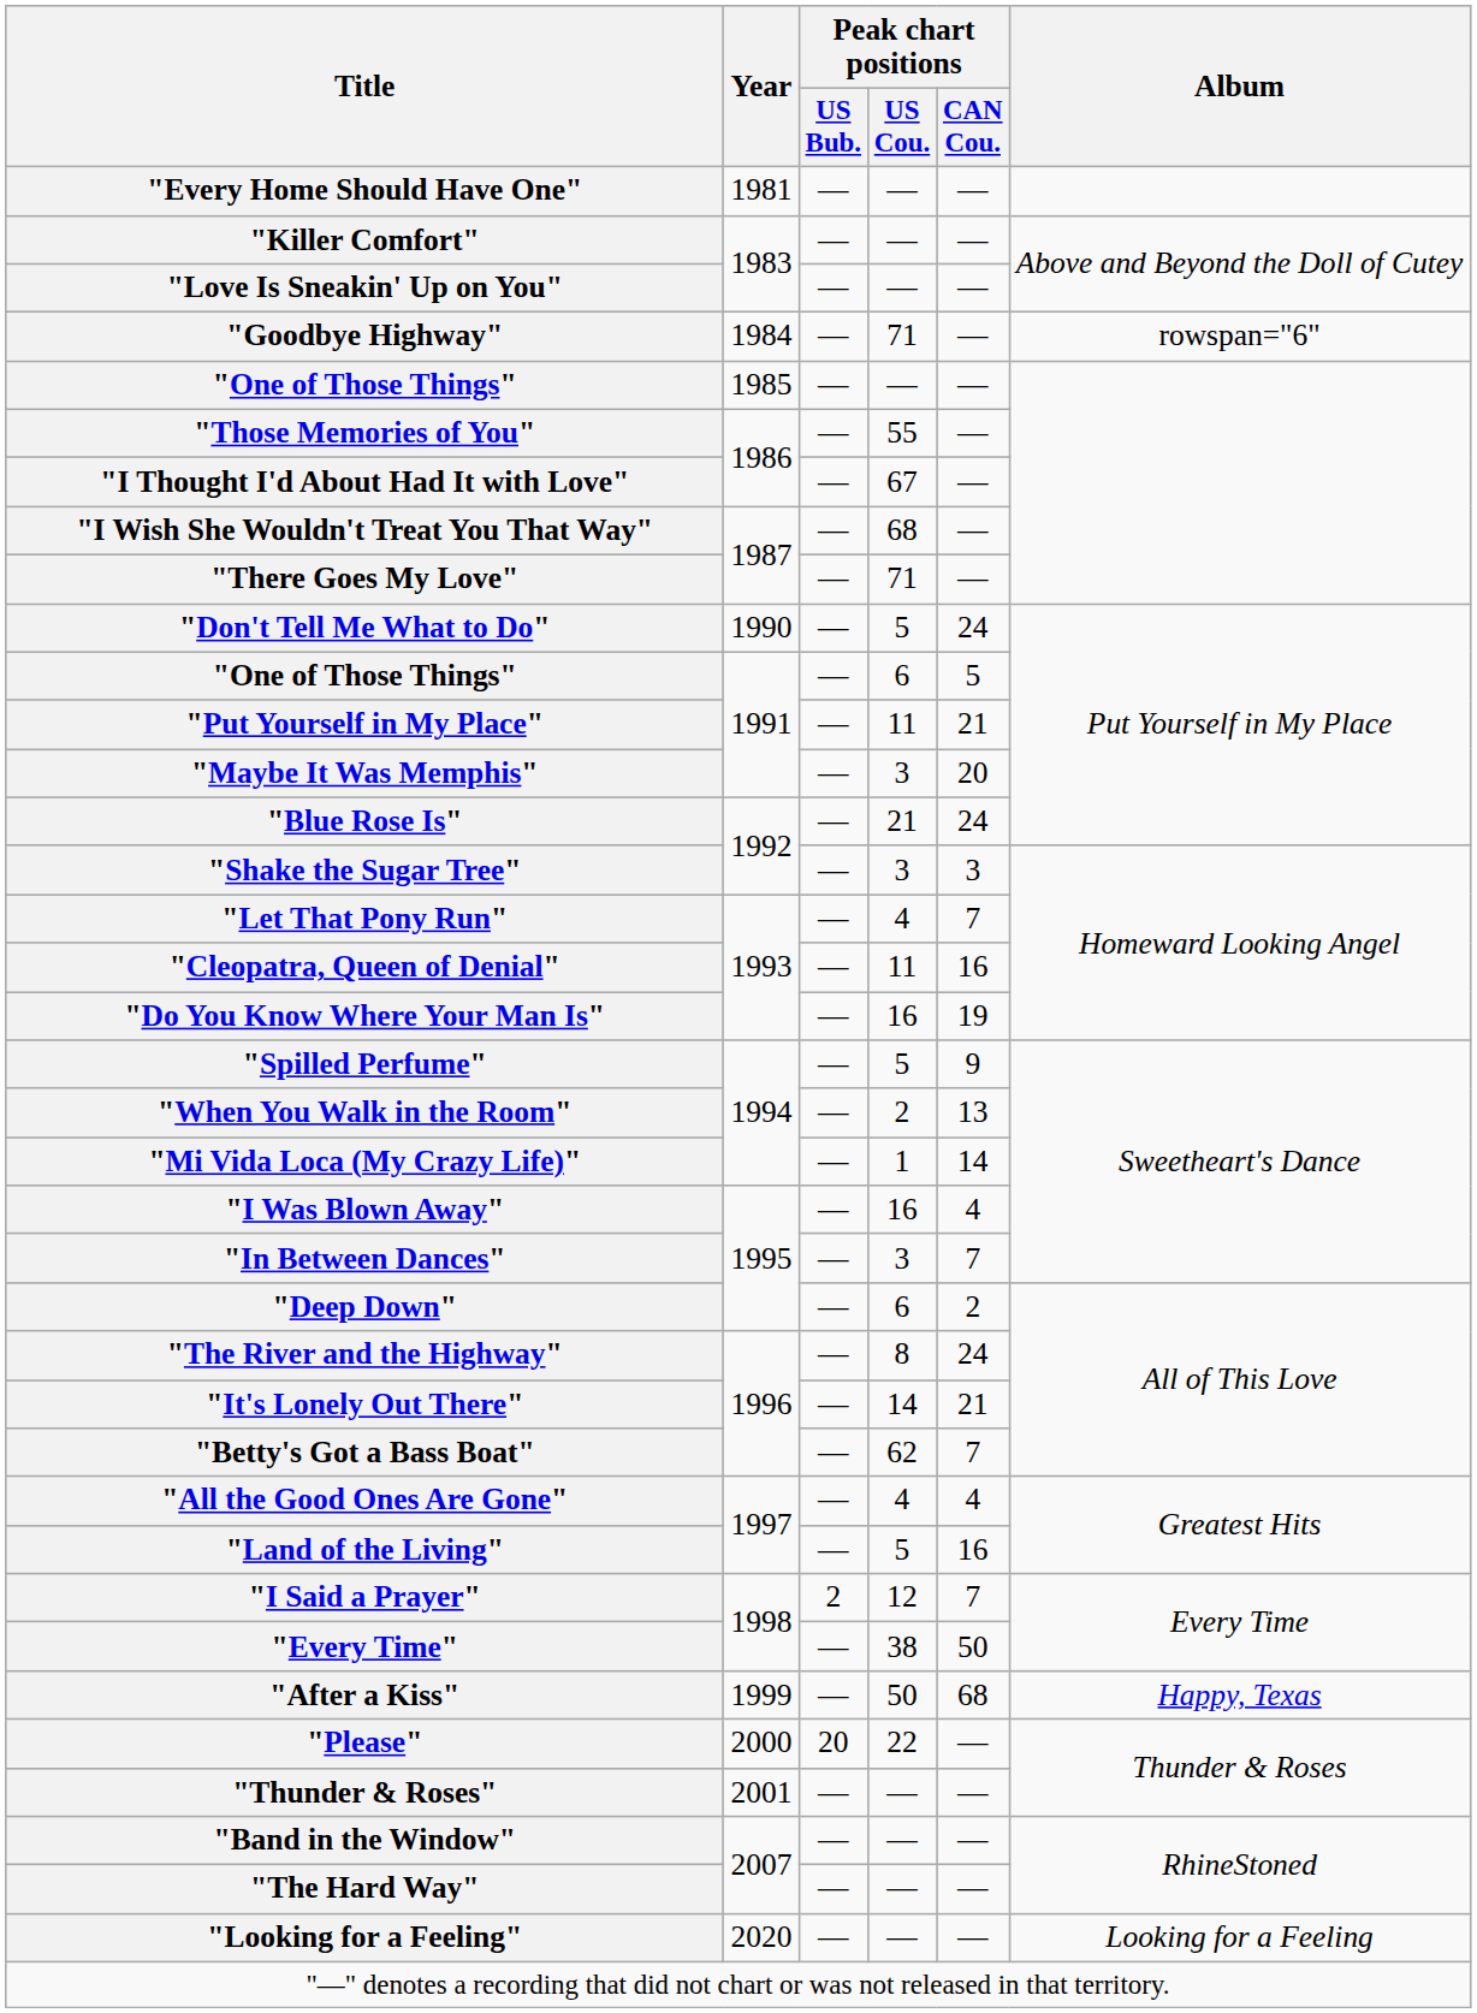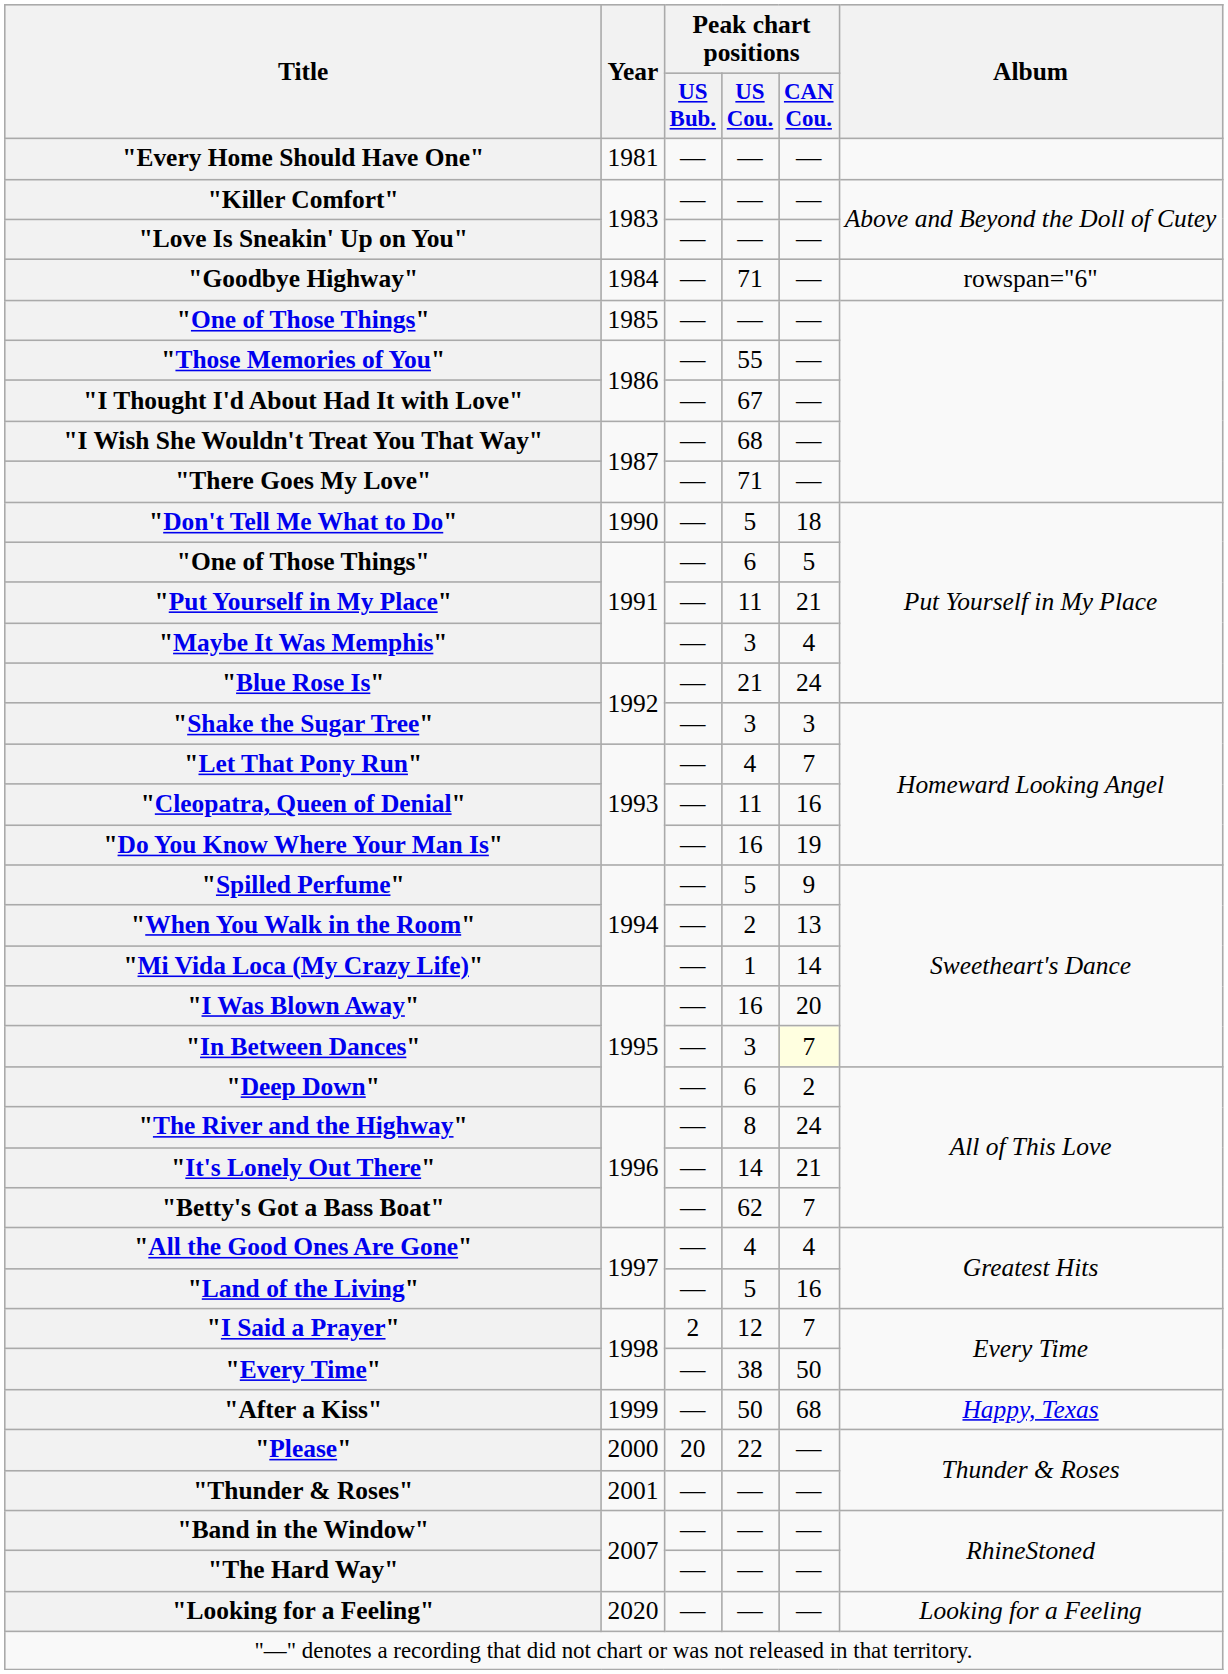 <table class="wikitable plainrowheaders" style="text-align:center;" border="1">
 <tr>
 <th scope="col" rowspan="2" style="width:23em;">Title</th>
 <th scope="col" rowspan="2">Year</th>
 <th scope="col" colspan="3">Peak chart<br>positions</th>
 <th scope="col" rowspan="2">Album</th>
 </tr>
 <tr>
 <th scope="col" style="width:2em;font-size:90%;"><a href='#'>US<br>Bub.</a><br></th>
 <th scope="col" style="width:2em;font-size:90%;"><a href='#'>US<br>Cou.</a><br></th>
 <th scope="col" style="width:2em;font-size:90%;"><a href='#'>CAN<br>Cou.</a><br></th>
 </tr>
 <tr>
 <th scope="row">"Every Home Should Have One"</th>
 <td>1981</td>
 <td>—</td>
 <td>—</td>
 <td>—</td>
 <td></td>
 </tr>
 <tr>
 <th scope="row">"Killer Comfort"</th>
 <td rowspan="2">1983</td>
 <td>—</td>
 <td>—</td>
 <td>—</td>
 <td rowspan="2"><em>Above and Beyond the Doll of Cutey</em></td>
 </tr>
 <tr>
 <th scope="row">"Love Is Sneakin' Up on You"</th>
 <td>—</td>
 <td>—</td>
 <td>—</td>
 </tr>
 <tr>
 <th scope="row">"Goodbye Highway"</th>
 <td>1984</td>
 <td>—</td>
 <td>71</td>
 <td>—</td>
 <td>rowspan="6" </td>
 </tr>
 <tr>
 <th scope="row">"<a href='#'>One of Those Things</a>"</th>
 <td>1985</td>
 <td>—</td>
 <td>—</td>
 <td>—</td>
 </tr>
 <tr>
 <th scope="row">"<a href='#'>Those Memories of You</a>"</th>
 <td rowspan="2">1986</td>
 <td>—</td>
 <td>55</td>
 <td>—</td>
 </tr>
 <tr>
 <th scope="row">"I Thought I'd About Had It with Love"</th>
 <td>—</td>
 <td>67</td>
 <td>—</td>
 </tr>
 <tr>
 <th scope="row">"I Wish She Wouldn't Treat You That Way"</th>
 <td rowspan="2">1987</td>
 <td>—</td>
 <td>68</td>
 <td>—</td>
 </tr>
 <tr>
 <th scope="row">"There Goes My Love"</th>
 <td>—</td>
 <td>71</td>
 <td>—</td>
 </tr>
 <tr>
 <th scope="row">"<a href='#'>Don't Tell Me What to Do</a>"</th>
 <td>1990</td>
 <td>—</td>
 <td>5</td>
-<td>24</td>
+<td>18</td>
 <td rowspan="5"><em>Put Yourself in My Place</em></td>
 </tr>
 <tr>
 <th scope="row">"One of Those Things"</th>
 <td rowspan="3">1991</td>
 <td>—</td>
 <td>6</td>
 <td>5</td>
 </tr>
 <tr>
 <th scope="row">"<a href='#'>Put Yourself in My Place</a>"</th>
 <td>—</td>
 <td>11</td>
 <td>21</td>
 </tr>
 <tr>
 <th scope="row">"<a href='#'>Maybe It Was Memphis</a>"</th>
 <td>—</td>
 <td>3</td>
-<td>20</td>
+<td>4</td>
 </tr>
 <tr>
 <th scope="row">"<a href='#'>Blue Rose Is</a>"</th>
 <td rowspan="2">1992</td>
 <td>—</td>
 <td>21</td>
 <td>24</td>
 </tr>
 <tr>
 <th scope="row">"<a href='#'>Shake the Sugar Tree</a>"</th>
 <td>—</td>
 <td>3</td>
 <td>3</td>
 <td rowspan="4"><em>Homeward Looking Angel</em></td>
 </tr>
 <tr>
 <th scope="row">"<a href='#'>Let That Pony Run</a>"</th>
 <td rowspan="3">1993</td>
 <td>—</td>
 <td>4</td>
 <td>7</td>
 </tr>
 <tr>
 <th scope="row">"<a href='#'>Cleopatra, Queen of Denial</a>"</th>
 <td>—</td>
 <td>11</td>
 <td>16</td>
 </tr>
 <tr>
 <th scope="row">"<a href='#'>Do You Know Where Your Man Is</a>"</th>
 <td>—</td>
 <td>16</td>
 <td>19</td>
 </tr>
 <tr>
 <th scope="row">"<a href='#'>Spilled Perfume</a>"</th>
 <td rowspan="3">1994</td>
 <td>—</td>
 <td>5</td>
 <td>9</td>
 <td rowspan="5"><em>Sweetheart's Dance</em></td>
 </tr>
 <tr>
 <th scope="row">"<a href='#'>When You Walk in the Room</a>"</th>
 <td>—</td>
 <td>2</td>
 <td>13</td>
 </tr>
 <tr>
 <th scope="row">"<a href='#'>Mi Vida Loca (My Crazy Life)</a>"</th>
 <td>—</td>
 <td>1</td>
 <td>14</td>
 </tr>
 <tr>
 <th scope="row">"<a href='#'>I Was Blown Away</a>"</th>
 <td rowspan="3">1995</td>
 <td>—</td>
 <td>16</td>
-<td>4</td>
+<td>20</td>
 </tr>
 <tr>
 <th scope="row">"<a href='#'>In Between Dances</a>"</th>
 <td>—</td>
 <td>3</td>
-<td>7</td>
+<td style="background: lightyellow;">7</td>
 </tr>
 <tr>
 <th scope="row">"<a href='#'>Deep Down</a>"</th>
 <td>—</td>
 <td>6</td>
 <td>2</td>
 <td rowspan="4"><em>All of This Love</em></td>
 </tr>
 <tr>
 <th scope="row">"<a href='#'>The River and the Highway</a>"</th>
 <td rowspan="3">1996</td>
 <td>—</td>
 <td>8</td>
 <td>24</td>
 </tr>
 <tr>
 <th scope="row">"<a href='#'>It's Lonely Out There</a>"</th>
 <td>—</td>
 <td>14</td>
 <td>21</td>
 </tr>
 <tr>
 <th scope="row">"Betty's Got a Bass Boat"</th>
 <td>—</td>
 <td>62</td>
 <td>7</td>
 </tr>
 <tr>
 <th scope="row">"<a href='#'>All the Good Ones Are Gone</a>"</th>
 <td rowspan="2">1997</td>
 <td>—</td>
 <td>4</td>
 <td>4</td>
 <td rowspan="2"><em>Greatest Hits</em></td>
 </tr>
 <tr>
 <th scope="row">"<a href='#'>Land of the Living</a>"</th>
 <td>—</td>
 <td>5</td>
 <td>16</td>
 </tr>
 <tr>
 <th scope="row">"<a href='#'>I Said a Prayer</a>"</th>
 <td rowspan="2">1998</td>
 <td>2</td>
 <td>12</td>
 <td>7</td>
 <td rowspan="2"><em>Every Time</em></td>
 </tr>
 <tr>
 <th scope="row">"<a href='#'>Every Time</a>"</th>
 <td>—</td>
 <td>38</td>
 <td>50</td>
 </tr>
 <tr>
 <th scope="row">"After a Kiss"</th>
 <td>1999</td>
 <td>—</td>
 <td>50</td>
 <td>68</td>
 <td><em><a href='#'>Happy, Texas</a></em> </td>
 </tr>
 <tr>
 <th scope="row">"<a href='#'>Please</a>"</th>
 <td>2000</td>
 <td>20</td>
 <td>22</td>
 <td>—</td>
 <td rowspan="2"><em>Thunder & Roses</em></td>
 </tr>
 <tr>
 <th scope="row">"Thunder & Roses"</th>
 <td>2001</td>
 <td>—</td>
 <td>—</td>
 <td>—</td>
 </tr>
 <tr>
 <th scope="row">"Band in the Window"</th>
 <td rowspan="2">2007</td>
 <td>—</td>
 <td>—</td>
 <td>—</td>
 <td rowspan="2"><em>RhineStoned</em></td>
 </tr>
 <tr>
 <th scope="row">"The Hard Way"</th>
 <td>—</td>
 <td>—</td>
 <td>—</td>
 </tr>
 <tr>
 <th scope="row">"Looking for a Feeling"</th>
 <td>2020</td>
 <td>—</td>
 <td>—</td>
 <td>—</td>
 <td><em>Looking for a Feeling</em></td>
 </tr>
 <tr>
 <td colspan="6" style="font-size:90%">"—" denotes a recording that did not chart or was not released in that territory.</td>
 </tr>
 </table>
